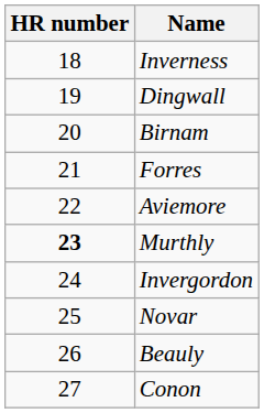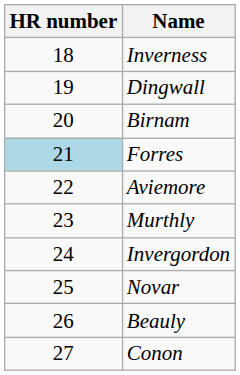 <table class="wikitable">
 <tr>
 <th>HR number</th>
 <th>Name</th>
 </tr>
 <tr>
 <td style="text-align: center;">18</td>
 <td><em>Inverness</em></td>
 </tr>
 <tr>
 <td style="text-align: center;">19</td>
 <td><em>Dingwall</em></td>
 </tr>
 <tr>
 <td style="text-align: center;">20</td>
 <td><em>Birnam</em></td>
 </tr>
 <tr>
-<td style="text-align: center;">21</td>
+<td style="background: lightblue; text-align: center;">21</td>
 <td><em>Forres</em></td>
 </tr>
 <tr>
 <td style="text-align: center;">22</td>
 <td><em>Aviemore</em></td>
 </tr>
 <tr>
-<td style="text-align: center;"><strong>23</strong></td>
+<td style="text-align: center;">23</td>
 <td><em>Murthly</em></td>
 </tr>
 <tr>
 <td style="text-align: center;">24</td>
 <td><em>Invergordon</em></td>
 </tr>
 <tr>
 <td style="text-align: center;">25</td>
 <td><em>Novar</em></td>
 </tr>
 <tr>
 <td style="text-align: center;">26</td>
 <td><em>Beauly</em></td>
 </tr>
 <tr>
 <td style="text-align: center;">27</td>
 <td><em>Conon</em></td>
 </tr>
 </table>
